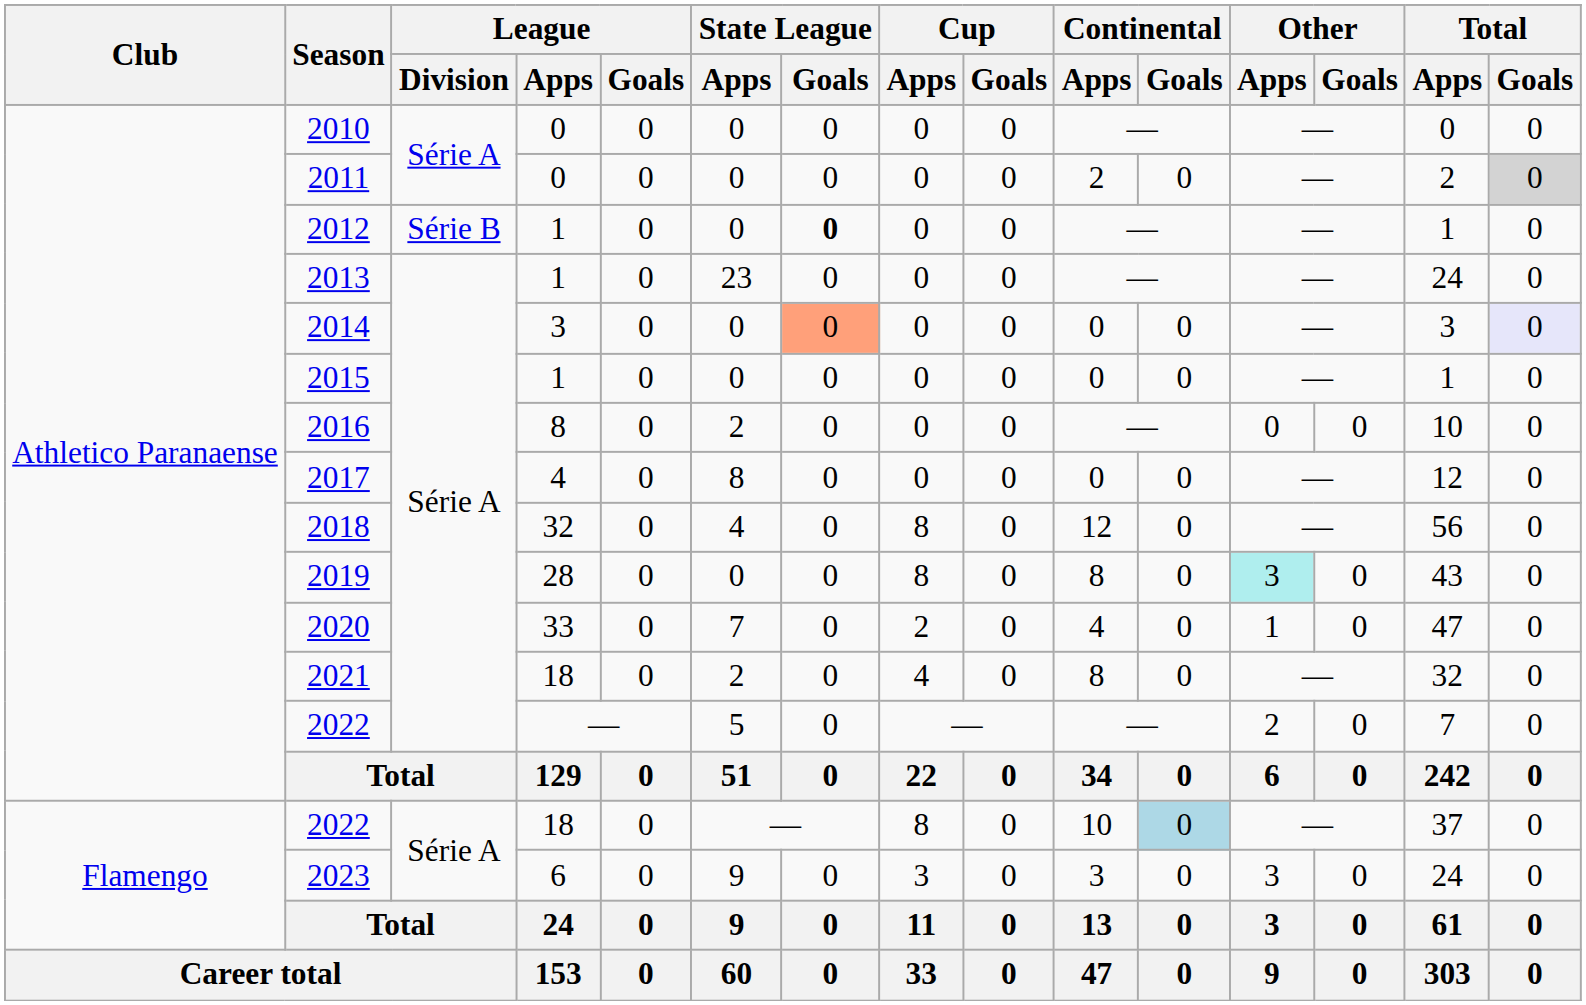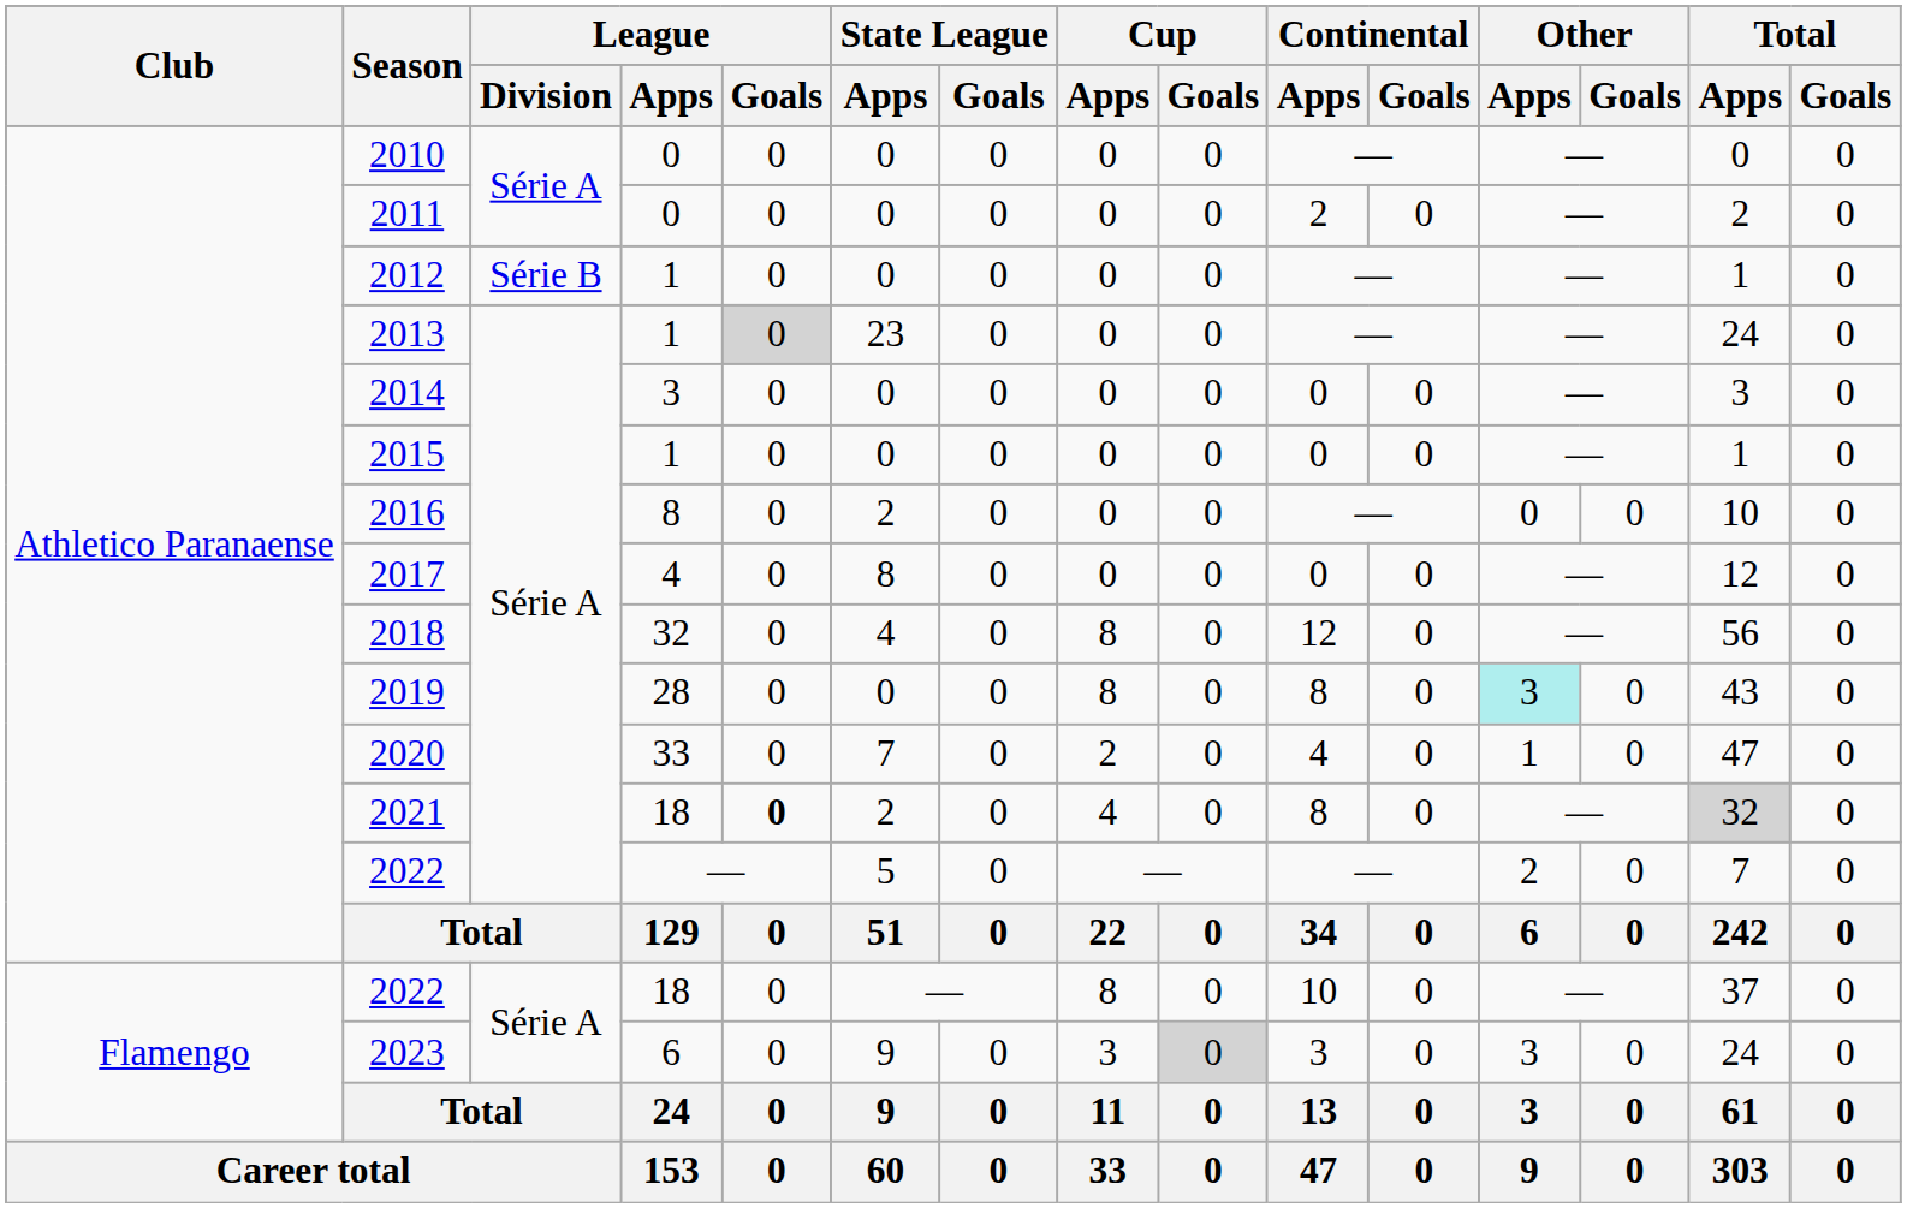 <table class="wikitable" style="text-align: center;">
 <tr>
 <th rowspan="2">Club</th>
 <th rowspan="2">Season</th>
 <th colspan="3">League</th>
 <th colspan="2">State League</th>
 <th colspan="2">Cup</th>
 <th colspan="2">Continental</th>
 <th colspan="2">Other</th>
 <th colspan="2">Total</th>
 </tr>
 <tr>
 <th>Division</th>
 <th>Apps</th>
 <th>Goals</th>
 <th>Apps</th>
 <th>Goals</th>
 <th>Apps</th>
 <th>Goals</th>
 <th>Apps</th>
 <th>Goals</th>
 <th>Apps</th>
 <th>Goals</th>
 <th>Apps</th>
 <th>Goals</th>
 </tr>
 <tr>
 <td rowspan="14" valign="center"><a href='#'>Athletico Paranaense</a></td>
 <td><a href='#'>2010</a></td>
 <td rowspan="2"><a href='#'>Série A</a></td>
 <td>0</td>
 <td>0</td>
 <td>0</td>
 <td>0</td>
 <td>0</td>
 <td>0</td>
 <td colspan="2">—</td>
 <td colspan="2">—</td>
 <td>0</td>
 <td>0</td>
 </tr>
 <tr>
 <td><a href='#'>2011</a></td>
 <td>0</td>
 <td>0</td>
 <td>0</td>
 <td>0</td>
 <td>0</td>
 <td>0</td>
 <td>2</td>
 <td>0</td>
 <td colspan="2">—</td>
 <td>2</td>
-<td style="background: lightgrey;">0</td>
+<td>0</td>
 </tr>
 <tr>
 <td><a href='#'>2012</a></td>
 <td><a href='#'>Série B</a></td>
 <td>1</td>
 <td>0</td>
 <td>0</td>
-<td><strong>0</strong></td>
+<td>0</td>
 <td>0</td>
 <td>0</td>
 <td colspan="2">—</td>
 <td colspan="2">—</td>
 <td>1</td>
 <td>0</td>
 </tr>
 <tr>
 <td><a href='#'>2013</a></td>
 <td rowspan="10">Série A</td>
 <td>1</td>
-<td>0</td>
+<td style="background: lightgrey;">0</td>
 <td>23</td>
 <td>0</td>
 <td>0</td>
 <td>0</td>
 <td colspan="2">—</td>
 <td colspan="2">—</td>
 <td>24</td>
 <td>0</td>
 </tr>
 <tr>
 <td><a href='#'>2014</a></td>
 <td>3</td>
 <td>0</td>
 <td>0</td>
-<td style="background: lightsalmon;">0</td>
+<td>0</td>
 <td>0</td>
 <td>0</td>
 <td>0</td>
 <td>0</td>
 <td colspan="2">—</td>
 <td>3</td>
-<td style="background: lavender;">0</td>
+<td>0</td>
 </tr>
 <tr>
 <td><a href='#'>2015</a></td>
 <td>1</td>
 <td>0</td>
 <td>0</td>
 <td>0</td>
 <td>0</td>
 <td>0</td>
 <td>0</td>
 <td>0</td>
 <td colspan="2">—</td>
 <td>1</td>
 <td>0</td>
 </tr>
 <tr>
 <td><a href='#'>2016</a></td>
 <td>8</td>
 <td>0</td>
 <td>2</td>
 <td>0</td>
 <td>0</td>
 <td>0</td>
 <td colspan="2">—</td>
 <td>0</td>
 <td>0</td>
 <td>10</td>
 <td>0</td>
 </tr>
 <tr>
 <td><a href='#'>2017</a></td>
 <td>4</td>
 <td>0</td>
 <td>8</td>
 <td>0</td>
 <td>0</td>
 <td>0</td>
 <td>0</td>
 <td>0</td>
 <td colspan="2">—</td>
 <td>12</td>
 <td>0</td>
 </tr>
 <tr>
 <td><a href='#'>2018</a></td>
 <td>32</td>
 <td>0</td>
 <td>4</td>
 <td>0</td>
 <td>8</td>
 <td>0</td>
 <td>12</td>
 <td>0</td>
 <td colspan="2">—</td>
 <td>56</td>
 <td>0</td>
 </tr>
 <tr>
 <td><a href='#'>2019</a></td>
 <td>28</td>
 <td>0</td>
 <td>0</td>
 <td>0</td>
 <td>8</td>
 <td>0</td>
 <td>8</td>
 <td>0</td>
 <td style="background: paleturquoise;">3</td>
 <td>0</td>
 <td>43</td>
 <td>0</td>
 </tr>
 <tr>
 <td><a href='#'>2020</a></td>
 <td>33</td>
 <td>0</td>
 <td>7</td>
 <td>0</td>
 <td>2</td>
 <td>0</td>
 <td>4</td>
 <td>0</td>
 <td>1</td>
 <td>0</td>
 <td>47</td>
 <td>0</td>
 </tr>
 <tr>
 <td><a href='#'>2021</a></td>
 <td>18</td>
-<td>0</td>
+<td><strong>0</strong></td>
 <td>2</td>
 <td>0</td>
 <td>4</td>
 <td>0</td>
 <td>8</td>
 <td>0</td>
 <td colspan="2">—</td>
-<td>32</td>
+<td style="background: lightgrey;">32</td>
 <td>0</td>
 </tr>
 <tr>
 <td><a href='#'>2022</a></td>
 <td colspan="2">—</td>
 <td>5</td>
 <td>0</td>
 <td colspan="2">—</td>
 <td colspan="2">—</td>
 <td>2</td>
 <td>0</td>
 <td>7</td>
 <td>0</td>
 </tr>
 <tr>
 <th colspan="2">Total</th>
 <th>129</th>
 <th>0</th>
 <th>51</th>
 <th>0</th>
 <th>22</th>
 <th>0</th>
 <th>34</th>
 <th>0</th>
 <th>6</th>
 <th>0</th>
 <th>242</th>
 <th>0</th>
 </tr>
 <tr>
 <td rowspan="3"><a href='#'>Flamengo</a></td>
 <td><a href='#'>2022</a></td>
 <td rowspan="2">Série A</td>
 <td>18</td>
 <td>0</td>
 <td colspan="2">—</td>
 <td>8</td>
 <td>0</td>
 <td>10</td>
-<td style="background: lightblue;">0</td>
+<td>0</td>
 <td colspan="2">—</td>
 <td>37</td>
 <td>0</td>
 </tr>
 <tr>
 <td><a href='#'>2023</a></td>
 <td>6</td>
 <td>0</td>
 <td>9</td>
 <td>0</td>
 <td>3</td>
-<td>0</td>
+<td style="background: lightgrey;">0</td>
 <td>3</td>
 <td>0</td>
 <td>3</td>
 <td>0</td>
 <td>24</td>
 <td>0</td>
 </tr>
 <tr>
 <th colspan="2">Total</th>
 <th>24</th>
 <th>0</th>
 <th>9</th>
 <th>0</th>
 <th>11</th>
 <th>0</th>
 <th>13</th>
 <th>0</th>
 <th>3</th>
 <th>0</th>
 <th>61</th>
 <th>0</th>
 </tr>
 <tr>
 <th colspan="3"><strong>Career total</strong></th>
 <th>153</th>
 <th>0</th>
 <th>60</th>
 <th>0</th>
 <th>33</th>
 <th>0</th>
 <th>47</th>
 <th>0</th>
 <th>9</th>
 <th>0</th>
 <th>303</th>
 <th>0</th>
 </tr>
 </table>
